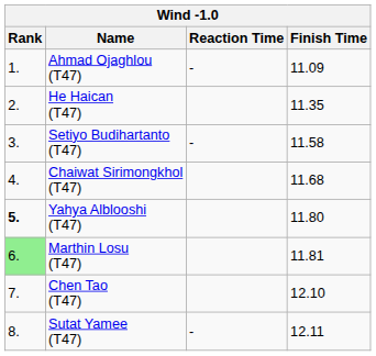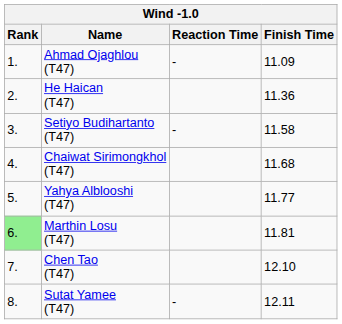 <table class="wikitable">
 <tr>
 <th colspan="4">Wind -1.0</th>
 </tr>
 <tr>
 <th>Rank</th>
 <th>Name</th>
 <th>Reaction Time</th>
 <th>Finish Time</th>
 </tr>
 <tr>
 <td>1.</td>
 <td><a href='#'>Ahmad Ojaghlou</a><br>(T47) <br> </td>
 <td>-</td>
 <td>11.09</td>
 </tr>
 <tr>
 <td>2.</td>
 <td><a href='#'>He Haican</a><br>(T47) <br> </td>
 <td></td>
-<td>11.35</td>
+<td>11.36</td>
 </tr>
 <tr>
 <td>3.</td>
 <td><a href='#'>Setiyo Budihartanto</a><br>(T47) <br> </td>
 <td>-</td>
 <td>11.58</td>
 </tr>
 <tr>
 <td>4.</td>
 <td><a href='#'>Chaiwat Sirimongkhol</a><br>(T47) <br> </td>
 <td></td>
 <td>11.68</td>
 </tr>
 <tr>
-<td><strong>5.</strong></td>
+<td>5.</td>
 <td><a href='#'>Yahya Alblooshi</a><br>(T47) <br> </td>
 <td></td>
-<td>11.80</td>
+<td>11.77</td>
 </tr>
 <tr>
 <td style="background: lightgreen;">6.</td>
 <td><a href='#'>Marthin Losu</a><br>(T47) <br> </td>
 <td></td>
 <td>11.81</td>
 </tr>
 <tr>
 <td>7.</td>
 <td><a href='#'>Chen Tao</a><br>(T47) <br> </td>
 <td></td>
 <td>12.10</td>
 </tr>
 <tr>
 <td>8.</td>
 <td><a href='#'>Sutat Yamee</a><br>(T47) <br> </td>
 <td>-</td>
 <td>12.11</td>
 </tr>
 </table>
